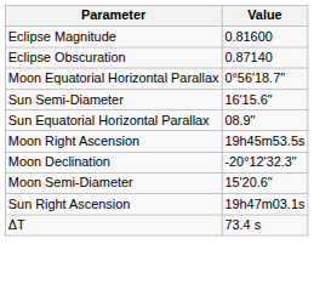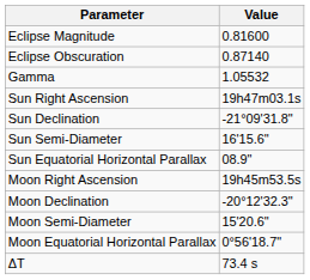 <table class="wikitable">
 <tr>
 <th>Parameter</th>
 <th>Value</th>
 </tr>
 <tr>
 <td>Eclipse Magnitude</td>
 <td>0.81600</td>
 </tr>
 <tr>
 <td>Eclipse Obscuration</td>
 <td>0.87140</td>
 </tr>
 <tr>
-<td>Moon Equatorial Horizontal Parallax</td>
-<td>0°56'18.7"</td>
+<td>Gamma</td>
+<td>1.05532</td>
+</tr>
+<tr>
+<td>Sun Right Ascension</td>
+<td>19h47m03.1s</td>
+</tr>
+<tr>
+<td>Sun Declination</td>
+<td>-21°09'31.8"</td>
 </tr>
 <tr>
 <td>Sun Semi-Diameter</td>
 <td>16'15.6"</td>
 </tr>
 <tr>
 <td>Sun Equatorial Horizontal Parallax</td>
 <td>08.9"</td>
 </tr>
 <tr>
 <td>Moon Right Ascension</td>
 <td>19h45m53.5s</td>
 </tr>
 <tr>
 <td>Moon Declination</td>
 <td>-20°12'32.3"</td>
 </tr>
 <tr>
 <td>Moon Semi-Diameter</td>
 <td>15'20.6"</td>
 </tr>
 <tr>
-<td>Sun Right Ascension</td>
-<td>19h47m03.1s</td>
+<td>Moon Equatorial Horizontal Parallax</td>
+<td>0°56'18.7"</td>
 </tr>
 <tr>
 <td>ΔT</td>
 <td>73.4 s</td>
 </tr>
 </table>
